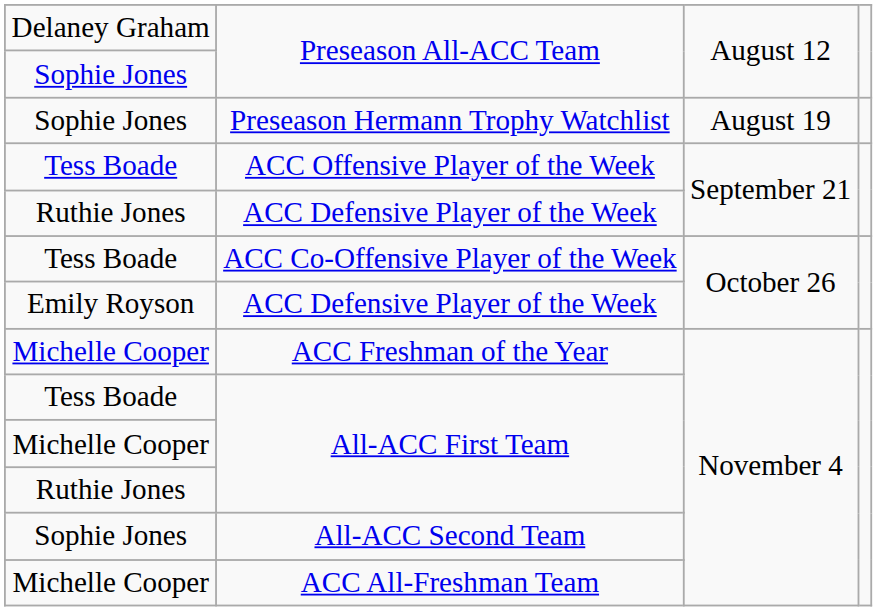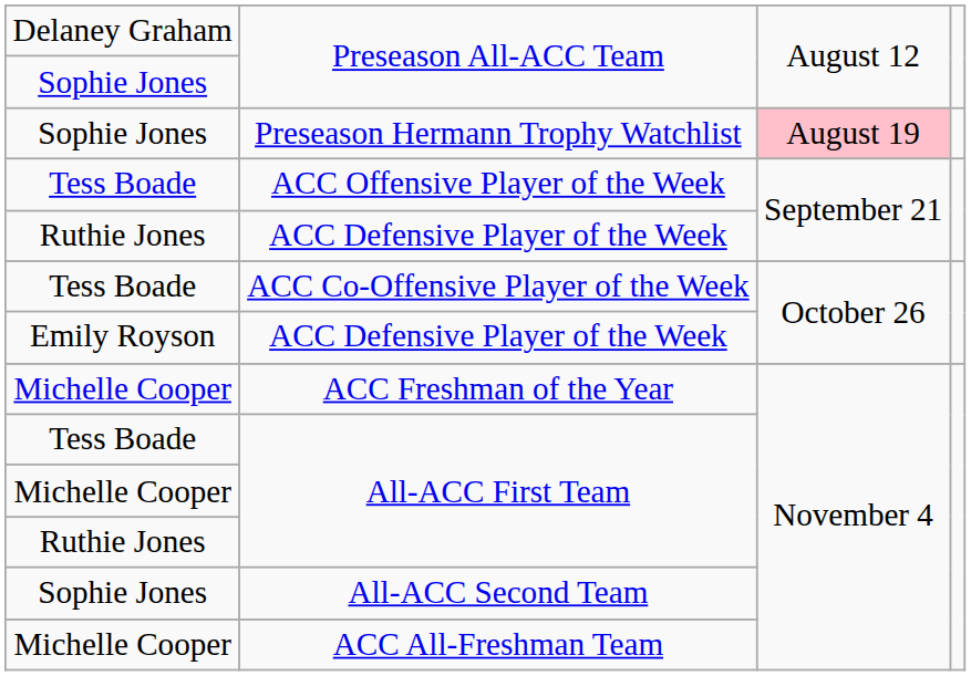 <table class="wikitable sortable" style="text-align: center">
 <tr>
 <td>Delaney Graham</td>
 <td rowspan=2><a href='#'>Preseason All-ACC Team</a></td>
 <td rowspan=2>August 12</td>
 <td rowspan=2></td>
 </tr>
 <tr>
 <td><a href='#'>Sophie Jones</a></td>
 </tr>
 <tr>
 <td>Sophie Jones</td>
 <td><a href='#'>Preseason Hermann Trophy Watchlist</a></td>
-<td>August 19</td>
+<td style="background: pink;">August 19</td>
 <td></td>
 </tr>
 <tr>
 <td><a href='#'>Tess Boade</a></td>
 <td><a href='#'>ACC Offensive Player of the Week</a></td>
 <td rowspan=2>September 21</td>
 <td rowspan=2></td>
 </tr>
 <tr>
 <td>Ruthie Jones</td>
 <td><a href='#'>ACC Defensive Player of the Week</a></td>
 </tr>
 <tr>
 <td>Tess Boade</td>
 <td><a href='#'>ACC Co-Offensive Player of the Week</a></td>
 <td rowspan=2>October 26</td>
 <td rowspan=2></td>
 </tr>
 <tr>
 <td>Emily Royson</td>
 <td><a href='#'>ACC Defensive Player of the Week</a></td>
 </tr>
 <tr>
 <td><a href='#'>Michelle Cooper</a></td>
 <td><a href='#'>ACC Freshman of the Year</a></td>
 <td rowspan=6>November 4</td>
 <td rowspan=6></td>
 </tr>
 <tr>
 <td>Tess Boade</td>
 <td rowspan=3><a href='#'>All-ACC First Team</a></td>
 </tr>
 <tr>
 <td>Michelle Cooper</td>
 </tr>
 <tr>
 <td>Ruthie Jones</td>
 </tr>
 <tr>
 <td>Sophie Jones</td>
 <td><a href='#'>All-ACC Second Team</a></td>
 </tr>
 <tr>
 <td>Michelle Cooper</td>
 <td><a href='#'>ACC All-Freshman Team</a></td>
 </tr>
 </table>
